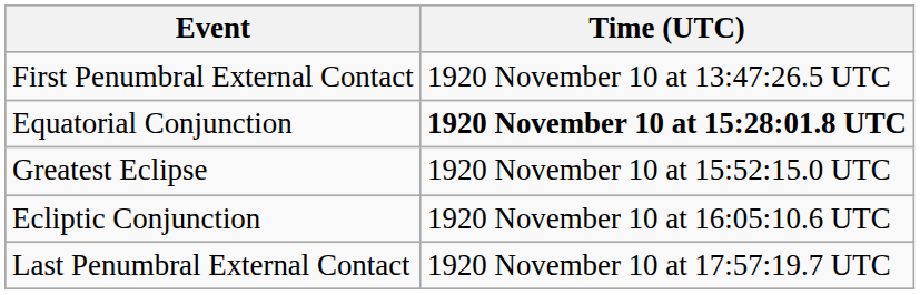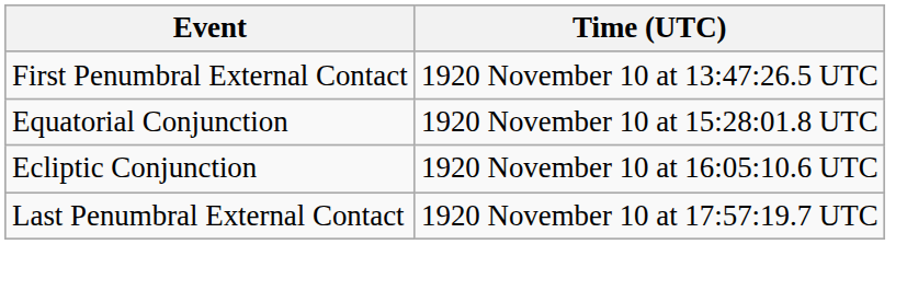 <table class="wikitable">
 <tr>
 <th>Event</th>
 <th>Time (UTC)</th>
 </tr>
 <tr>
 <td>First Penumbral External Contact</td>
 <td>1920 November 10 at 13:47:26.5 UTC</td>
 </tr>
 <tr>
 <td>Equatorial Conjunction</td>
-<td><strong>1920 November 10 at 15:28:01.8 UTC</strong></td>
-</tr>
-<tr>
-<td>Greatest Eclipse</td>
-<td>1920 November 10 at 15:52:15.0 UTC</td>
+<td>1920 November 10 at 15:28:01.8 UTC</td>
 </tr>
 <tr>
 <td>Ecliptic Conjunction</td>
 <td>1920 November 10 at 16:05:10.6 UTC</td>
 </tr>
 <tr>
 <td>Last Penumbral External Contact</td>
 <td>1920 November 10 at 17:57:19.7 UTC</td>
 </tr>
 </table>
